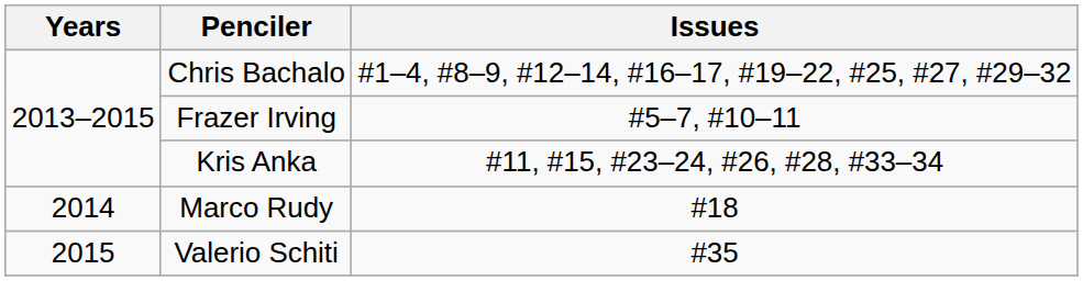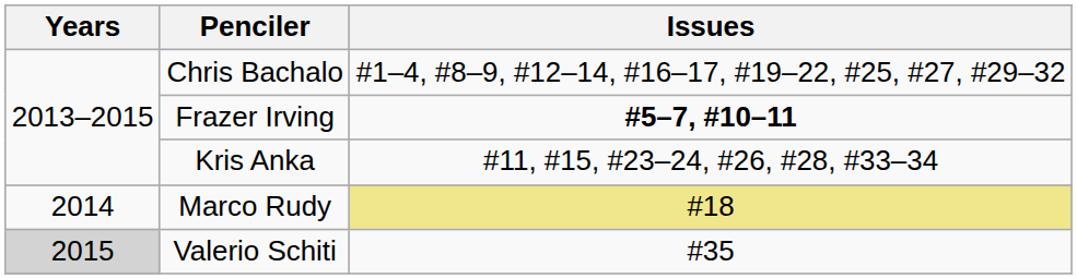 <table class="wikitable" style="vertical-align:text-top">
 <tr>
 <th>Years</th>
 <th>Penciler</th>
 <th>Issues</th>
 </tr>
 <tr>
 <td align="center" rowspan="3">2013–2015</td>
 <td align="center">Chris Bachalo</td>
 <td align="center">#1–4, #8–9, #12–14, #16–17, #19–22, #25, #27, #29–32</td>
 </tr>
 <tr>
 <td align="center">Frazer Irving</td>
-<td align="center">#5–7, #10–11</td>
+<td align="center"><strong>#5–7, #10–11</strong></td>
 </tr>
 <tr>
 <td align="center">Kris Anka</td>
 <td align="center">#11, #15, #23–24, #26, #28, #33–34</td>
 </tr>
 <tr>
 <td align="center">2014</td>
 <td align="center">Marco Rudy</td>
-<td align="center">#18</td>
+<td align="center" style="background: khaki;">#18</td>
 </tr>
 <tr>
-<td align="center">2015</td>
+<td align="center" style="background: lightgrey;">2015</td>
 <td align="center">Valerio Schiti</td>
 <td align="center">#35</td>
 </tr>
 </table>
